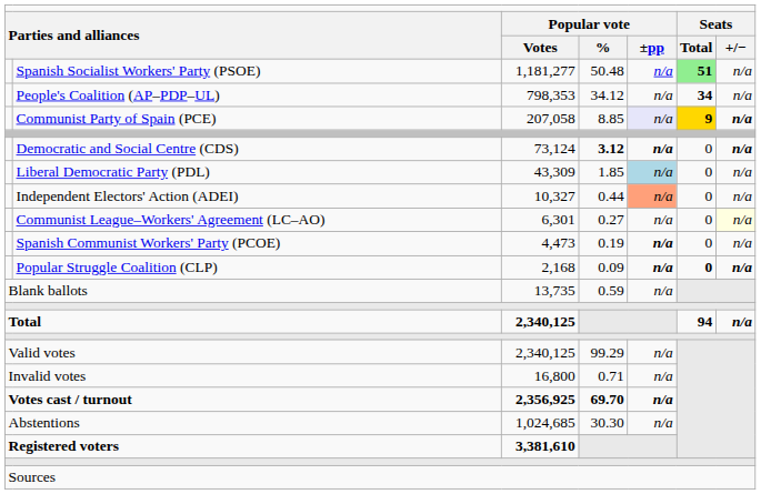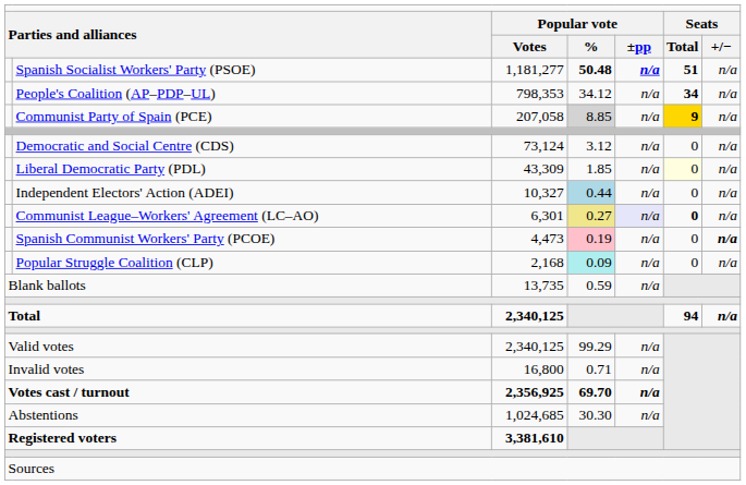 <table class="wikitable" style="text-align:right;">
 <tr>
 <td colspan="7"></td>
 </tr>
 <tr>
 <th style="text-align:left;" rowspan="2" colspan="2" width="525">Parties and alliances</th>
 <th colspan="3">Popular vote</th>
 <th colspan="2">Seats</th>
 </tr>
 <tr>
 <th width="75">Votes</th>
 <th width="45">%</th>
 <th width="45">±<a href='#'>pp</a></th>
 <th width="35">Total</th>
 <th width="35">+/−</th>
 </tr>
 <tr>
 <td width="1" style="color:inherit;background:"></td>
 <td align="left"><a href='#'>Spanish Socialist Workers' Party</a> (PSOE)</td>
 <td>1,181,277</td>
-<td>50.48</td>
-<td><em><a href='#'>n/a</a></em></td>
-<td style="background: lightgreen;"><strong>51</strong></td>
+<td><strong>50.48</strong></td>
+<td><strong><em><a href='#'>n/a</a></em></strong></td>
+<td><strong>51</strong></td>
 <td><em>n/a</em></td>
 </tr>
 <tr>
 <td style="color:inherit;background:"></td>
 <td align="left"><a href='#'>People's Coalition</a> (<a href='#'>AP</a>–<a href='#'>PDP</a>–<a href='#'>UL</a>)</td>
 <td>798,353</td>
 <td>34.12</td>
 <td><em>n/a</em></td>
 <td><strong>34</strong></td>
 <td><em>n/a</em></td>
 </tr>
 <tr>
 <td style="color:inherit;background:"></td>
 <td align="left"><a href='#'>Communist Party of Spain</a> (PCE)</td>
 <td>207,058</td>
-<td>8.85</td>
-<td style="background: lavender;"><em>n/a</em></td>
+<td style="background: lightgrey;">8.85</td>
+<td><em>n/a</em></td>
 <td style="background: gold;"><strong>9</strong></td>
-<td><strong><em>n/a</em></strong></td>
+<td><em>n/a</em></td>
 </tr>
 <tr>
 <td colspan="7" bgcolor="#C0C0C0"></td>
 </tr>
 <tr>
 <td style="color:inherit;background:"></td>
 <td align="left"><a href='#'>Democratic and Social Centre</a> (CDS)</td>
 <td>73,124</td>
-<td><strong>3.12</strong></td>
-<td><strong><em>n/a</em></strong></td>
+<td>3.12</td>
+<td><em>n/a</em></td>
 <td>0</td>
-<td><strong><em>n/a</em></strong></td>
+<td><em>n/a</em></td>
 </tr>
 <tr>
 <td style="color:inherit;background:"></td>
 <td align="left"><a href='#'>Liberal Democratic Party</a> (PDL)</td>
 <td>43,309</td>
 <td>1.85</td>
-<td style="background: lightblue;"><em>n/a</em></td>
-<td>0</td>
+<td><em>n/a</em></td>
+<td style="background: lightyellow;">0</td>
 <td><em>n/a</em></td>
 </tr>
 <tr>
 <td style="color:inherit;background:"></td>
 <td align="left">Independent Electors' Action (ADEI)</td>
 <td>10,327</td>
-<td>0.44</td>
-<td style="background: lightsalmon;"><em>n/a</em></td>
+<td style="background: lightblue;">0.44</td>
+<td><em>n/a</em></td>
 <td>0</td>
 <td><em>n/a</em></td>
 </tr>
 <tr>
 <td style="color:inherit;background:"></td>
 <td align="left"><a href='#'>Communist League–Workers' Agreement</a> (LC–AO)</td>
 <td>6,301</td>
-<td>0.27</td>
+<td style="background: khaki;">0.27</td>
+<td style="background: lavender;"><em>n/a</em></td>
+<td><strong>0</strong></td>
 <td><em>n/a</em></td>
-<td>0</td>
-<td style="background: lightyellow;"><em>n/a</em></td>
 </tr>
 <tr>
 <td style="color:inherit;background:"></td>
 <td align="left"><a href='#'>Spanish Communist Workers' Party</a> (PCOE)</td>
 <td>4,473</td>
-<td>0.19</td>
+<td style="background: pink;">0.19</td>
+<td><em>n/a</em></td>
+<td>0</td>
 <td><strong><em>n/a</em></strong></td>
-<td>0</td>
-<td><em>n/a</em></td>
 </tr>
 <tr>
 <td style="color:inherit;background:"></td>
 <td align="left"><a href='#'>Popular Struggle Coalition</a> (CLP)</td>
 <td>2,168</td>
-<td>0.09</td>
-<td><strong><em>n/a</em></strong></td>
-<td><strong>0</strong></td>
-<td><strong><em>n/a</em></strong></td>
+<td style="background: paleturquoise;">0.09</td>
+<td><em>n/a</em></td>
+<td>0</td>
+<td><em>n/a</em></td>
 </tr>
 <tr>
 <td align="left" colspan="2">Blank ballots</td>
 <td>13,735</td>
 <td>0.59</td>
 <td><em>n/a</em></td>
 <td bgcolor="#E9E9E9" colspan="2"></td>
 </tr>
 <tr>
 <td colspan="7" bgcolor="#E9E9E9"></td>
 </tr>
 <tr style="font-weight:bold;">
 <td align="left" colspan="2">Total</td>
 <td>2,340,125</td>
 <td bgcolor="#E9E9E9" colspan="2"></td>
 <td>94</td>
 <td><em>n/a</em></td>
 </tr>
 <tr>
 <td colspan="7" bgcolor="#E9E9E9"></td>
 </tr>
 <tr>
 <td align="left" colspan="2">Valid votes</td>
 <td>2,340,125</td>
 <td>99.29</td>
 <td><em>n/a</em></td>
 <td bgcolor="#E9E9E9" colspan="2" rowspan="5"></td>
 </tr>
 <tr>
 <td align="left" colspan="2">Invalid votes</td>
 <td>16,800</td>
 <td>0.71</td>
 <td><em>n/a</em></td>
 </tr>
 <tr style="font-weight:bold;">
 <td align="left" colspan="2">Votes cast / turnout</td>
 <td>2,356,925</td>
 <td>69.70</td>
 <td><em>n/a</em></td>
 </tr>
 <tr>
 <td align="left" colspan="2">Abstentions</td>
 <td>1,024,685</td>
 <td>30.30</td>
 <td><em>n/a</em></td>
 </tr>
 <tr style="font-weight:bold;">
 <td align="left" colspan="2">Registered voters</td>
 <td>3,381,610</td>
 <td bgcolor="#E9E9E9" colspan="2"></td>
 </tr>
 <tr>
 <td colspan="7" bgcolor="#E9E9E9"></td>
 </tr>
 <tr>
 <td align="left" colspan="7">Sources</td>
 </tr>
 </table>
